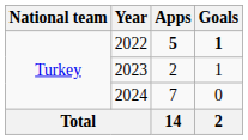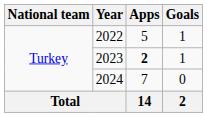 <table class=wikitable style="text-align: center">
 <tr>
 <th>National team</th>
 <th>Year</th>
 <th>Apps</th>
 <th>Goals</th>
 </tr>
 <tr>
 <td rowspan="3"><a href='#'>Turkey</a></td>
 <td>2022</td>
-<td><strong>5</strong></td>
-<td><strong>1</strong></td>
+<td>5</td>
+<td>1</td>
 </tr>
 <tr>
 <td>2023</td>
-<td>2</td>
+<td><strong>2</strong></td>
 <td>1</td>
 </tr>
 <tr>
 <td>2024</td>
 <td>7</td>
 <td>0</td>
 </tr>
 <tr>
 <th colspan="2">Total</th>
 <th>14</th>
 <th>2</th>
 </tr>
 </table>
